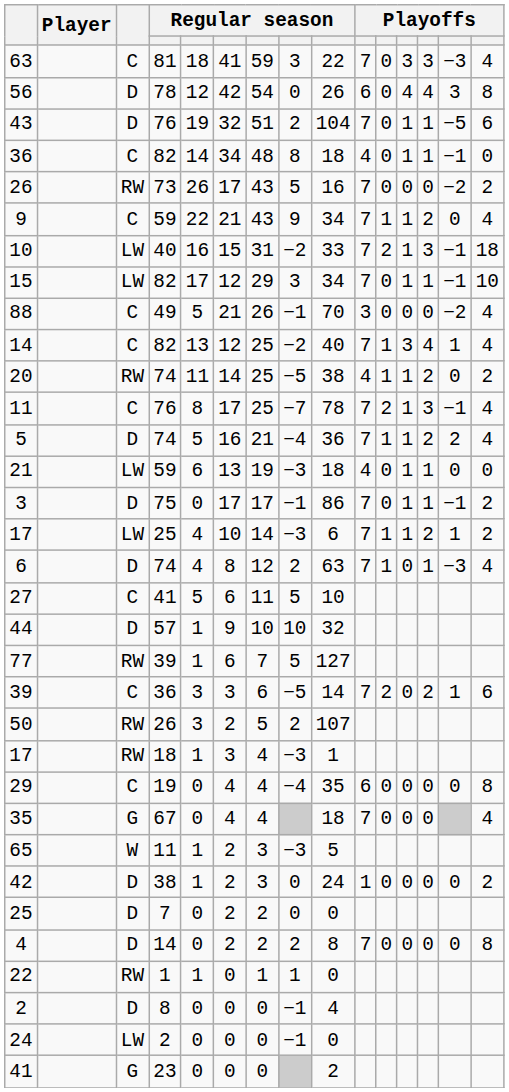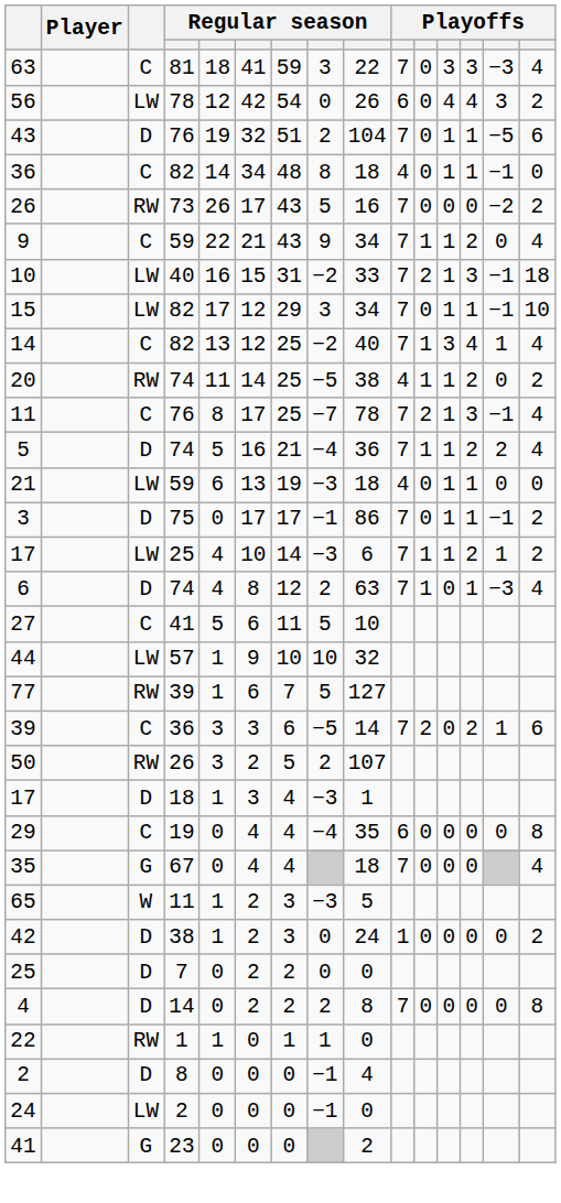 <table class="wikitable sortable plainrowheaders" style="text-align:center;">
 <tr>
 <th scope="col" data-sort-type="number" rowspan="2"></th>
 <th scope="col" rowspan="2">Player</th>
 <th scope="col" rowspan="2"></th>
 <th scope=colgroup colspan=6>Regular season</th>
 <th scope=colgroup colspan=6>Playoffs</th>
 </tr>
 <tr>
 <th scope="col" data-sort-type="number"></th>
 <th scope="col" data-sort-type="number"></th>
 <th scope="col" data-sort-type="number"></th>
 <th scope="col" data-sort-type="number"></th>
 <th scope="col" data-sort-type="number"></th>
 <th scope="col" data-sort-type="number"></th>
 <th scope="col" data-sort-type="number"></th>
 <th scope="col" data-sort-type="number"></th>
 <th scope="col" data-sort-type="number"></th>
 <th scope="col" data-sort-type="number"></th>
 <th scope="col" data-sort-type="number"></th>
 <th scope="col" data-sort-type="number"></th>
 </tr>
 <tr>
 <td scope="row">63</td>
 <td align="left"></td>
 <td>C</td>
 <td>81</td>
 <td>18</td>
 <td>41</td>
 <td>59</td>
 <td>3</td>
 <td>22</td>
 <td>7</td>
 <td>0</td>
 <td>3</td>
 <td>3</td>
 <td>−3</td>
 <td>4</td>
 </tr>
 <tr>
 <td scope="row">56</td>
 <td align="left"></td>
-<td>D</td>
+<td>LW</td>
 <td>78</td>
 <td>12</td>
 <td>42</td>
 <td>54</td>
 <td>0</td>
 <td>26</td>
 <td>6</td>
 <td>0</td>
 <td>4</td>
 <td>4</td>
 <td>3</td>
-<td>8</td>
+<td>2</td>
 </tr>
 <tr>
 <td scope="row">43</td>
 <td align="left"></td>
 <td>D</td>
 <td>76</td>
 <td>19</td>
 <td>32</td>
 <td>51</td>
 <td>2</td>
 <td>104</td>
 <td>7</td>
 <td>0</td>
 <td>1</td>
 <td>1</td>
 <td>−5</td>
 <td>6</td>
 </tr>
 <tr>
 <td scope="row">36</td>
 <td align="left"></td>
 <td>C</td>
 <td>82</td>
 <td>14</td>
 <td>34</td>
 <td>48</td>
 <td>8</td>
 <td>18</td>
 <td>4</td>
 <td>0</td>
 <td>1</td>
 <td>1</td>
 <td>−1</td>
 <td>0</td>
 </tr>
 <tr>
 <td scope="row">26</td>
 <td align="left"></td>
 <td>RW</td>
 <td>73</td>
 <td>26</td>
 <td>17</td>
 <td>43</td>
 <td>5</td>
 <td>16</td>
 <td>7</td>
 <td>0</td>
 <td>0</td>
 <td>0</td>
 <td>−2</td>
 <td>2</td>
 </tr>
 <tr>
 <td scope="row">9</td>
 <td align="left"></td>
 <td>C</td>
 <td>59</td>
 <td>22</td>
 <td>21</td>
 <td>43</td>
 <td>9</td>
 <td>34</td>
 <td>7</td>
 <td>1</td>
 <td>1</td>
 <td>2</td>
 <td>0</td>
 <td>4</td>
 </tr>
 <tr>
 <td scope="row">10</td>
 <td align="left"></td>
 <td>LW</td>
 <td>40</td>
 <td>16</td>
 <td>15</td>
 <td>31</td>
 <td>−2</td>
 <td>33</td>
 <td>7</td>
 <td>2</td>
 <td>1</td>
 <td>3</td>
 <td>−1</td>
 <td>18</td>
 </tr>
 <tr>
 <td scope="row">15</td>
 <td align="left"></td>
 <td>LW</td>
 <td>82</td>
 <td>17</td>
 <td>12</td>
 <td>29</td>
 <td>3</td>
 <td>34</td>
 <td>7</td>
 <td>0</td>
 <td>1</td>
 <td>1</td>
 <td>−1</td>
 <td>10</td>
-</tr>
-<tr>
-<td scope="row">88</td>
-<td align="left"></td>
-<td>C</td>
-<td>49</td>
-<td>5</td>
-<td>21</td>
-<td>26</td>
-<td>−1</td>
-<td>70</td>
-<td>3</td>
-<td>0</td>
-<td>0</td>
-<td>0</td>
-<td>−2</td>
-<td>4</td>
 </tr>
 <tr>
 <td scope="row">14</td>
 <td align="left"></td>
 <td>C</td>
 <td>82</td>
 <td>13</td>
 <td>12</td>
 <td>25</td>
 <td>−2</td>
 <td>40</td>
 <td>7</td>
 <td>1</td>
 <td>3</td>
 <td>4</td>
 <td>1</td>
 <td>4</td>
 </tr>
 <tr>
 <td scope="row">20</td>
 <td align="left"></td>
 <td>RW</td>
 <td>74</td>
 <td>11</td>
 <td>14</td>
 <td>25</td>
 <td>−5</td>
 <td>38</td>
 <td>4</td>
 <td>1</td>
 <td>1</td>
 <td>2</td>
 <td>0</td>
 <td>2</td>
 </tr>
 <tr>
 <td scope="row">11</td>
 <td align="left"></td>
 <td>C</td>
 <td>76</td>
 <td>8</td>
 <td>17</td>
 <td>25</td>
 <td>−7</td>
 <td>78</td>
 <td>7</td>
 <td>2</td>
 <td>1</td>
 <td>3</td>
 <td>−1</td>
 <td>4</td>
 </tr>
 <tr>
 <td scope="row">5</td>
 <td align="left"></td>
 <td>D</td>
 <td>74</td>
 <td>5</td>
 <td>16</td>
 <td>21</td>
 <td>−4</td>
 <td>36</td>
 <td>7</td>
 <td>1</td>
 <td>1</td>
 <td>2</td>
 <td>2</td>
 <td>4</td>
 </tr>
 <tr>
 <td scope="row">21</td>
 <td align="left"></td>
 <td>LW</td>
 <td>59</td>
 <td>6</td>
 <td>13</td>
 <td>19</td>
 <td>−3</td>
 <td>18</td>
 <td>4</td>
 <td>0</td>
 <td>1</td>
 <td>1</td>
 <td>0</td>
 <td>0</td>
 </tr>
 <tr>
 <td scope="row">3</td>
 <td align="left"></td>
 <td>D</td>
 <td>75</td>
 <td>0</td>
 <td>17</td>
 <td>17</td>
 <td>−1</td>
 <td>86</td>
 <td>7</td>
 <td>0</td>
 <td>1</td>
 <td>1</td>
 <td>−1</td>
 <td>2</td>
 </tr>
 <tr>
 <td scope="row">17</td>
 <td align="left"></td>
 <td>LW</td>
 <td>25</td>
 <td>4</td>
 <td>10</td>
 <td>14</td>
 <td>−3</td>
 <td>6</td>
 <td>7</td>
 <td>1</td>
 <td>1</td>
 <td>2</td>
 <td>1</td>
 <td>2</td>
 </tr>
 <tr>
 <td scope="row">6</td>
 <td align="left"></td>
 <td>D</td>
 <td>74</td>
 <td>4</td>
 <td>8</td>
 <td>12</td>
 <td>2</td>
 <td>63</td>
 <td>7</td>
 <td>1</td>
 <td>0</td>
 <td>1</td>
 <td>−3</td>
 <td>4</td>
 </tr>
 <tr>
 <td scope="row">27</td>
 <td align="left"></td>
 <td>C</td>
 <td>41</td>
 <td>5</td>
 <td>6</td>
 <td>11</td>
 <td>5</td>
 <td>10</td>
 <td></td>
 <td></td>
 <td></td>
 <td></td>
 <td></td>
 <td></td>
 </tr>
 <tr>
 <td scope="row">44</td>
 <td align="left"></td>
-<td>D</td>
+<td>LW</td>
 <td>57</td>
 <td>1</td>
 <td>9</td>
 <td>10</td>
 <td>10</td>
 <td>32</td>
 <td></td>
 <td></td>
 <td></td>
 <td></td>
 <td></td>
 <td></td>
 </tr>
 <tr>
 <td scope="row">77</td>
 <td align="left"></td>
 <td>RW</td>
 <td>39</td>
 <td>1</td>
 <td>6</td>
 <td>7</td>
 <td>5</td>
 <td>127</td>
 <td></td>
 <td></td>
 <td></td>
 <td></td>
 <td></td>
 <td></td>
 </tr>
 <tr>
 <td scope="row">39</td>
 <td align="left"></td>
 <td>C</td>
 <td>36</td>
 <td>3</td>
 <td>3</td>
 <td>6</td>
 <td>−5</td>
 <td>14</td>
 <td>7</td>
 <td>2</td>
 <td>0</td>
 <td>2</td>
 <td>1</td>
 <td>6</td>
 </tr>
 <tr>
 <td scope="row">50</td>
 <td align="left"></td>
 <td>RW</td>
 <td>26</td>
 <td>3</td>
 <td>2</td>
 <td>5</td>
 <td>2</td>
 <td>107</td>
 <td></td>
 <td></td>
 <td></td>
 <td></td>
 <td></td>
 <td></td>
 </tr>
 <tr>
 <td scope="row">17</td>
 <td align="left"></td>
-<td>RW</td>
+<td>D</td>
 <td>18</td>
 <td>1</td>
 <td>3</td>
 <td>4</td>
 <td>−3</td>
 <td>1</td>
 <td></td>
 <td></td>
 <td></td>
 <td></td>
 <td></td>
 <td></td>
 </tr>
 <tr>
 <td scope="row">29</td>
 <td align="left"></td>
 <td>C</td>
 <td>19</td>
 <td>0</td>
 <td>4</td>
 <td>4</td>
 <td>−4</td>
 <td>35</td>
 <td>6</td>
 <td>0</td>
 <td>0</td>
 <td>0</td>
 <td>0</td>
 <td>8</td>
 </tr>
 <tr>
 <td scope="row">35</td>
 <td align="left"></td>
 <td>G</td>
 <td>67</td>
 <td>0</td>
 <td>4</td>
 <td>4</td>
 <td style="background:#ccc"></td>
 <td>18</td>
 <td>7</td>
 <td>0</td>
 <td>0</td>
 <td>0</td>
 <td style="background:#ccc"></td>
 <td>4</td>
 </tr>
 <tr>
 <td scope="row">65</td>
 <td align="left"></td>
 <td>W</td>
 <td>11</td>
 <td>1</td>
 <td>2</td>
 <td>3</td>
 <td>−3</td>
 <td>5</td>
 <td></td>
 <td></td>
 <td></td>
 <td></td>
 <td></td>
 <td></td>
 </tr>
 <tr>
 <td scope="row">42</td>
 <td align="left"></td>
 <td>D</td>
 <td>38</td>
 <td>1</td>
 <td>2</td>
 <td>3</td>
 <td>0</td>
 <td>24</td>
 <td>1</td>
 <td>0</td>
 <td>0</td>
 <td>0</td>
 <td>0</td>
 <td>2</td>
 </tr>
 <tr>
 <td scope="row">25</td>
 <td align="left"></td>
 <td>D</td>
 <td>7</td>
 <td>0</td>
 <td>2</td>
 <td>2</td>
 <td>0</td>
 <td>0</td>
 <td></td>
 <td></td>
 <td></td>
 <td></td>
 <td></td>
 <td></td>
 </tr>
 <tr>
 <td scope="row">4</td>
 <td align="left"></td>
 <td>D</td>
 <td>14</td>
 <td>0</td>
 <td>2</td>
 <td>2</td>
 <td>2</td>
 <td>8</td>
 <td>7</td>
 <td>0</td>
 <td>0</td>
 <td>0</td>
 <td>0</td>
 <td>8</td>
 </tr>
 <tr>
 <td scope="row">22</td>
 <td align="left"></td>
 <td>RW</td>
 <td>1</td>
 <td>1</td>
 <td>0</td>
 <td>1</td>
 <td>1</td>
 <td>0</td>
 <td></td>
 <td></td>
 <td></td>
 <td></td>
 <td></td>
 <td></td>
 </tr>
 <tr>
 <td scope="row">2</td>
 <td align="left"></td>
 <td>D</td>
 <td>8</td>
 <td>0</td>
 <td>0</td>
 <td>0</td>
 <td>−1</td>
 <td>4</td>
 <td></td>
 <td></td>
 <td></td>
 <td></td>
 <td></td>
 <td></td>
 </tr>
 <tr>
 <td scope="row">24</td>
 <td align="left"></td>
 <td>LW</td>
 <td>2</td>
 <td>0</td>
 <td>0</td>
 <td>0</td>
 <td>−1</td>
 <td>0</td>
 <td></td>
 <td></td>
 <td></td>
 <td></td>
 <td></td>
 <td></td>
 </tr>
 <tr>
 <td scope="row">41</td>
 <td align="left"></td>
 <td>G</td>
 <td>23</td>
 <td>0</td>
 <td>0</td>
 <td>0</td>
 <td style="background:#ccc"></td>
 <td>2</td>
 <td></td>
 <td></td>
 <td></td>
 <td></td>
 <td></td>
 <td></td>
 </tr>
 </table>
